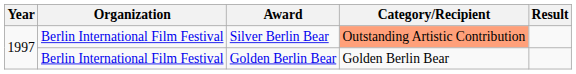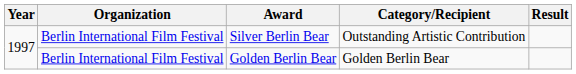 <table class="wikitable">
 <tr>
 <th>Year</th>
 <th>Organization</th>
 <th>Award</th>
 <th>Category/Recipient</th>
 <th>Result</th>
 </tr>
 <tr>
 <td rowspan="6">1997</td>
 <td><a href='#'>Berlin International Film Festival</a></td>
 <td><a href='#'>Silver Berlin Bear</a></td>
-<td style="background: lightsalmon;">Outstanding Artistic Contribution</td>
+<td>Outstanding Artistic Contribution</td>
 <td></td>
 </tr>
 <tr>
 <td><a href='#'>Berlin International Film Festival</a></td>
 <td><a href='#'>Golden Berlin Bear</a></td>
 <td>Golden Berlin Bear</td>
 <td></td>
 </tr>
 </table>
